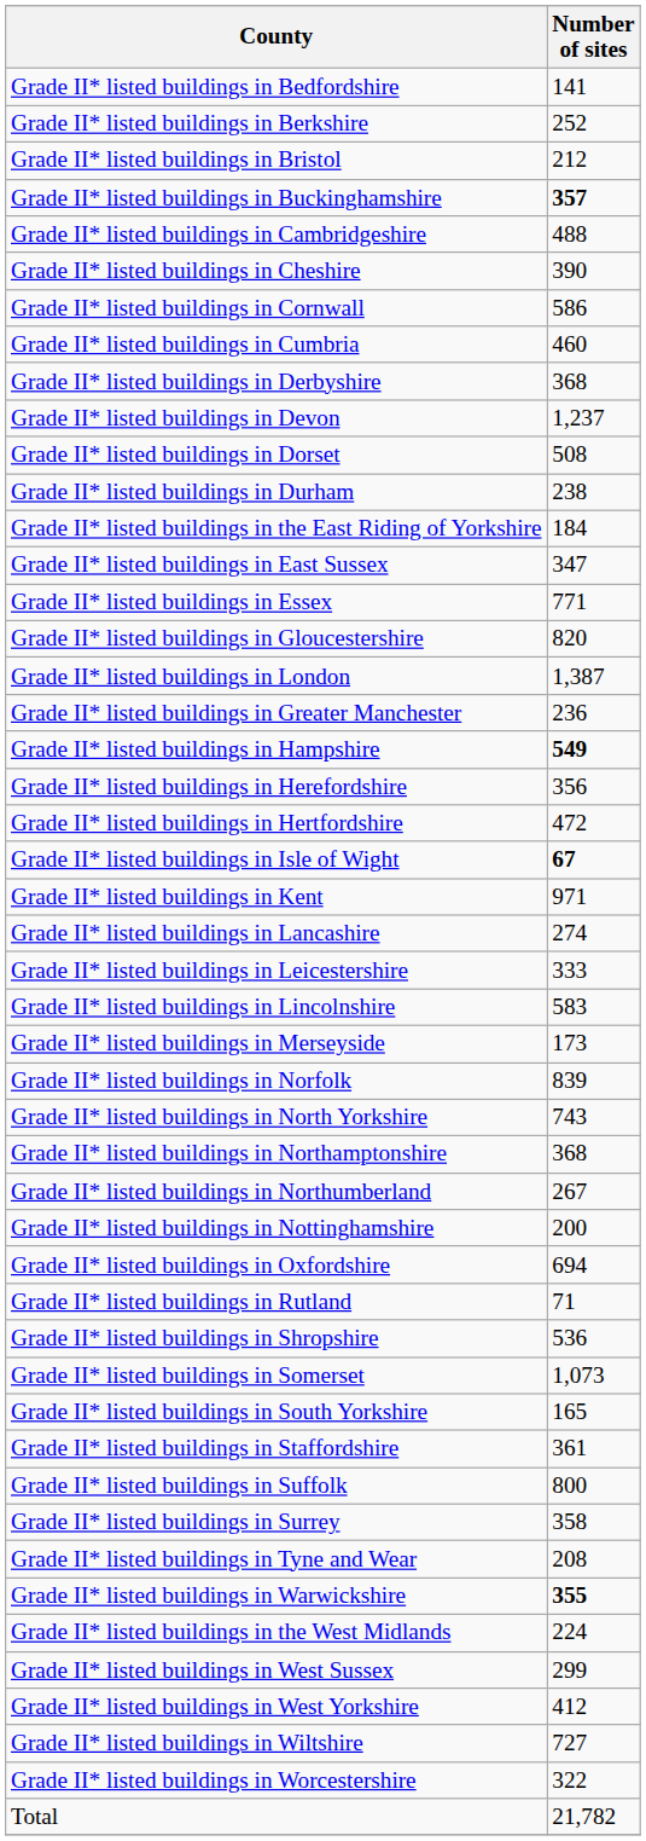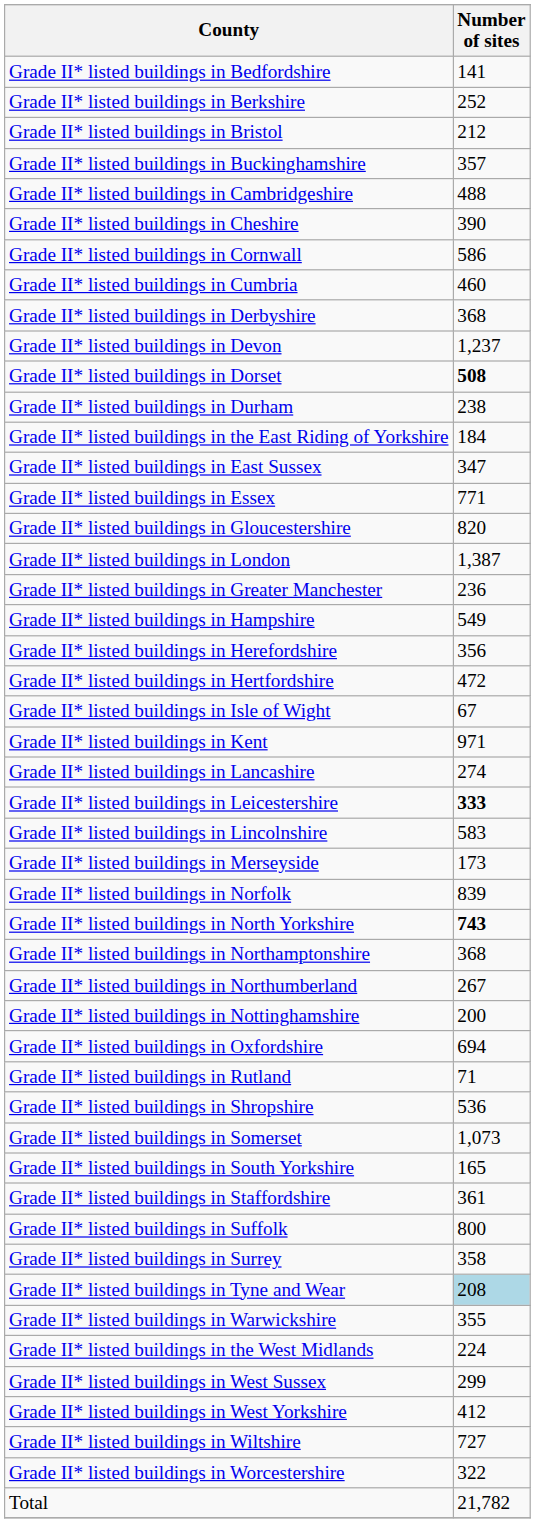 <table class="wikitable sortable">
 <tr>
 </tr>
 <tr>
 <th>County</th>
 <th>Number<br> of sites</th>
 </tr>
 <tr ->
 <td data-sort-value= 1><a href='#'>Grade II* listed buildings in Bedfordshire</a></td>
 <td>141</td>
 </tr>
 <tr ->
 <td data-sort-value= 2><a href='#'>Grade II* listed buildings in Berkshire</a></td>
 <td>252</td>
 </tr>
 <tr ->
 <td data-sort-value= 3><a href='#'>Grade II* listed buildings in Bristol</a></td>
 <td>212</td>
 </tr>
 <tr ->
 <td data-sort-value=4><a href='#'>Grade II* listed buildings in Buckinghamshire</a></td>
-<td><strong>357</strong></td>
+<td>357</td>
 </tr>
 <tr>
 <td data-sort-value= 5><a href='#'>Grade II* listed buildings in Cambridgeshire</a></td>
 <td>488</td>
 </tr>
 <tr ->
 <td data-sort-value= 6><a href='#'>Grade II* listed buildings in Cheshire</a></td>
 <td>390</td>
 </tr>
 <tr ->
 <td data-sort-value= 7><a href='#'>Grade II* listed buildings in Cornwall</a></td>
 <td>586</td>
 </tr>
 <tr ->
 <td data-sort-value= 8><a href='#'>Grade II* listed buildings in Cumbria</a></td>
 <td>460</td>
 </tr>
 <tr ->
 <td data-sort-value= 9><a href='#'>Grade II* listed buildings in Derbyshire</a></td>
 <td>368</td>
 </tr>
 <tr ->
 <td data-sort-value= 10><a href='#'>Grade II* listed buildings in Devon</a></td>
 <td>1,237</td>
 </tr>
 <tr ->
 <td data-sort-value= 11><a href='#'>Grade II* listed buildings in Dorset</a></td>
-<td>508</td>
+<td><strong>508</strong></td>
 </tr>
 <tr ->
 <td data-sort-value=12><a href='#'>Grade II* listed buildings in Durham</a></td>
 <td>238</td>
 </tr>
 <tr ->
 <td data-sort-value= 13><a href='#'>Grade II* listed buildings in the East Riding of Yorkshire</a></td>
 <td>184</td>
 </tr>
 <tr ->
 <td data-sort-value=14><a href='#'>Grade II* listed buildings in East Sussex</a></td>
 <td>347</td>
 </tr>
 <tr ->
 <td data-sort-value= 15><a href='#'>Grade II* listed buildings in Essex</a></td>
 <td>771</td>
 </tr>
 <tr ->
 <td data-sort-value=16><a href='#'>Grade II* listed buildings in Gloucestershire</a></td>
 <td>820</td>
 </tr>
 <tr ->
 <td data-sort-value= 17><a href='#'>Grade II* listed buildings in London</a></td>
 <td>1,387</td>
 </tr>
 <tr ->
 <td data-sort-value=18><a href='#'>Grade II* listed buildings in Greater Manchester</a></td>
 <td>236</td>
 </tr>
 <tr ->
 <td data-sort-value=19><a href='#'>Grade II* listed buildings in Hampshire</a></td>
-<td><strong>549</strong></td>
+<td>549</td>
 </tr>
 <tr ->
 <td data-sort-value=20><a href='#'>Grade II* listed buildings in Herefordshire</a></td>
 <td>356</td>
 </tr>
 <tr ->
 <td data-sort-value=21><a href='#'>Grade II* listed buildings in Hertfordshire</a></td>
 <td>472</td>
 </tr>
 <tr ->
 <td data-sort-value=22><a href='#'>Grade II* listed buildings in Isle of Wight</a></td>
-<td><strong>67</strong></td>
+<td>67</td>
 </tr>
 <tr ->
 <td data-sort-value=23><a href='#'>Grade II* listed buildings in Kent</a></td>
 <td>971</td>
 </tr>
 <tr ->
 <td data-sort-value= 24><a href='#'>Grade II* listed buildings in Lancashire</a></td>
 <td>274</td>
 </tr>
 <tr ->
 <td data-sort-value=25><a href='#'>Grade II* listed buildings in Leicestershire</a></td>
-<td>333</td>
+<td><strong>333</strong></td>
 </tr>
 <tr ->
 <td data-sort-value= 26><a href='#'>Grade II* listed buildings in Lincolnshire</a></td>
 <td>583</td>
 </tr>
 <tr ->
 <td data-sort-value=27><a href='#'>Grade II* listed buildings in Merseyside</a></td>
 <td>173</td>
 </tr>
 <tr ->
 <td data-sort-value= 28><a href='#'>Grade II* listed buildings in Norfolk</a></td>
 <td>839</td>
 </tr>
 <tr ->
 <td data-sort-value=29><a href='#'>Grade II* listed buildings in North Yorkshire</a></td>
-<td>743</td>
+<td><strong>743</strong></td>
 </tr>
 <tr ->
 <td data-sort-value=30><a href='#'>Grade II* listed buildings in Northamptonshire</a></td>
 <td>368</td>
 </tr>
 <tr ->
 <td data-sort-value=31><a href='#'>Grade II* listed buildings in Northumberland</a></td>
 <td>267</td>
 </tr>
 <tr ->
 <td data-sort-value=32><a href='#'>Grade II* listed buildings in Nottinghamshire</a></td>
 <td>200</td>
 </tr>
 <tr ->
 <td data-sort-value=33><a href='#'>Grade II* listed buildings in Oxfordshire</a></td>
 <td>694</td>
 </tr>
 <tr ->
 <td data-sort-value=34><a href='#'>Grade II* listed buildings in Rutland</a></td>
 <td>71</td>
 </tr>
 <tr ->
 <td data-sort-value=35><a href='#'>Grade II* listed buildings in Shropshire</a></td>
 <td>536</td>
 </tr>
 <tr ->
 <td data-sort-value= 36><a href='#'>Grade II* listed buildings in Somerset</a></td>
 <td>1,073</td>
 </tr>
 <tr ->
 <td data-sort-value= 37><a href='#'>Grade II* listed buildings in South Yorkshire</a></td>
 <td>165</td>
 </tr>
 <tr ->
 <td data-sort-value= 38><a href='#'>Grade II* listed buildings in Staffordshire</a></td>
 <td>361</td>
 </tr>
 <tr ->
 <td data-sort-value= 39><a href='#'>Grade II* listed buildings in Suffolk</a></td>
 <td>800</td>
 </tr>
 <tr ->
 <td data-sort-value= 40><a href='#'>Grade II* listed buildings in Surrey</a></td>
 <td>358</td>
 </tr>
 <tr ->
 <td data-sort-value=41><a href='#'>Grade II* listed buildings in Tyne and Wear</a></td>
-<td>208</td>
+<td style="background: lightblue;">208</td>
 </tr>
 <tr ->
 <td data-sort-value= 42><a href='#'>Grade II* listed buildings in Warwickshire</a></td>
-<td><strong>355</strong></td>
+<td>355</td>
 </tr>
 <tr ->
 <td data-sort-value= 43><a href='#'>Grade II* listed buildings in the West Midlands</a></td>
 <td>224</td>
 </tr>
 <tr ->
 <td data-sort-value=44><a href='#'>Grade II* listed buildings in West Sussex</a></td>
 <td>299</td>
 </tr>
 <tr ->
 <td data-sort-value= 45><a href='#'>Grade II* listed buildings in West Yorkshire</a></td>
 <td>412</td>
 </tr>
 <tr ->
 <td data-sort-value= 46><a href='#'>Grade II* listed buildings in Wiltshire</a></td>
 <td>727</td>
 </tr>
 <tr ->
 <td data-sort-value= 47><a href='#'>Grade II* listed buildings in Worcestershire</a></td>
 <td>322</td>
 </tr>
 <tr ->
 <td data-sort-value=48>Total</td>
 <td>21,782</td>
 </tr>
 <tr ->
 </tr>
 </table>
